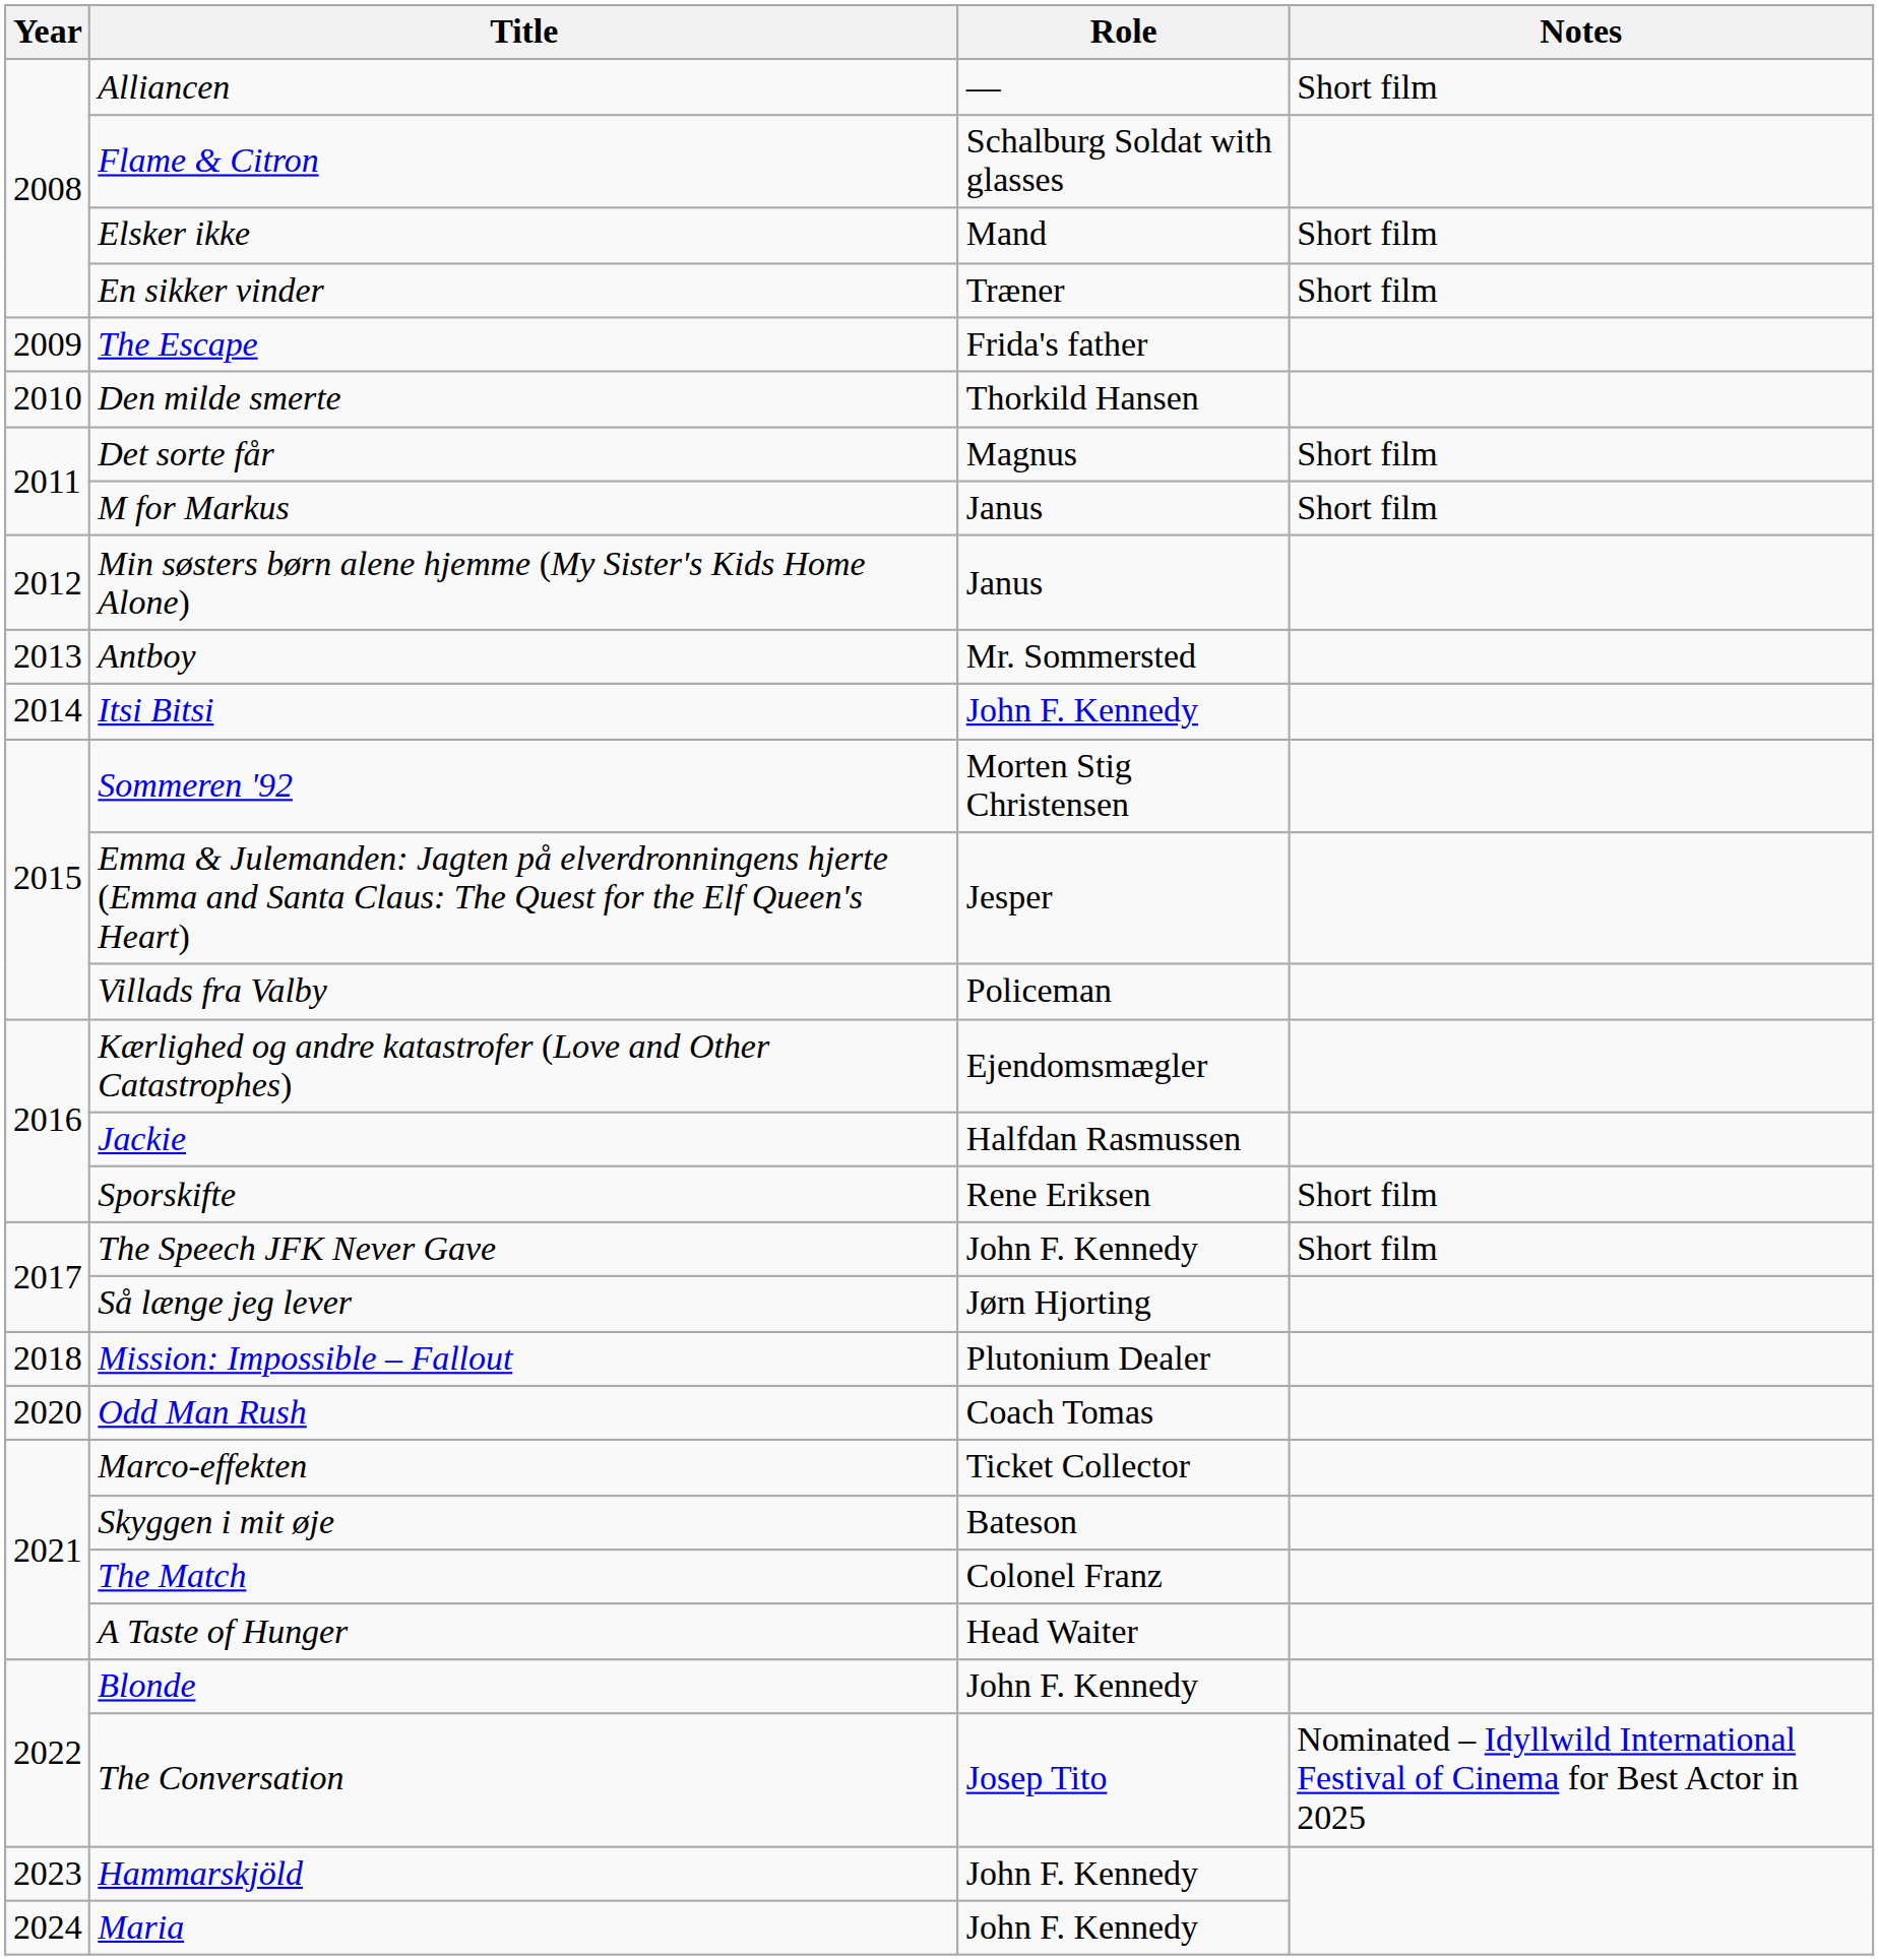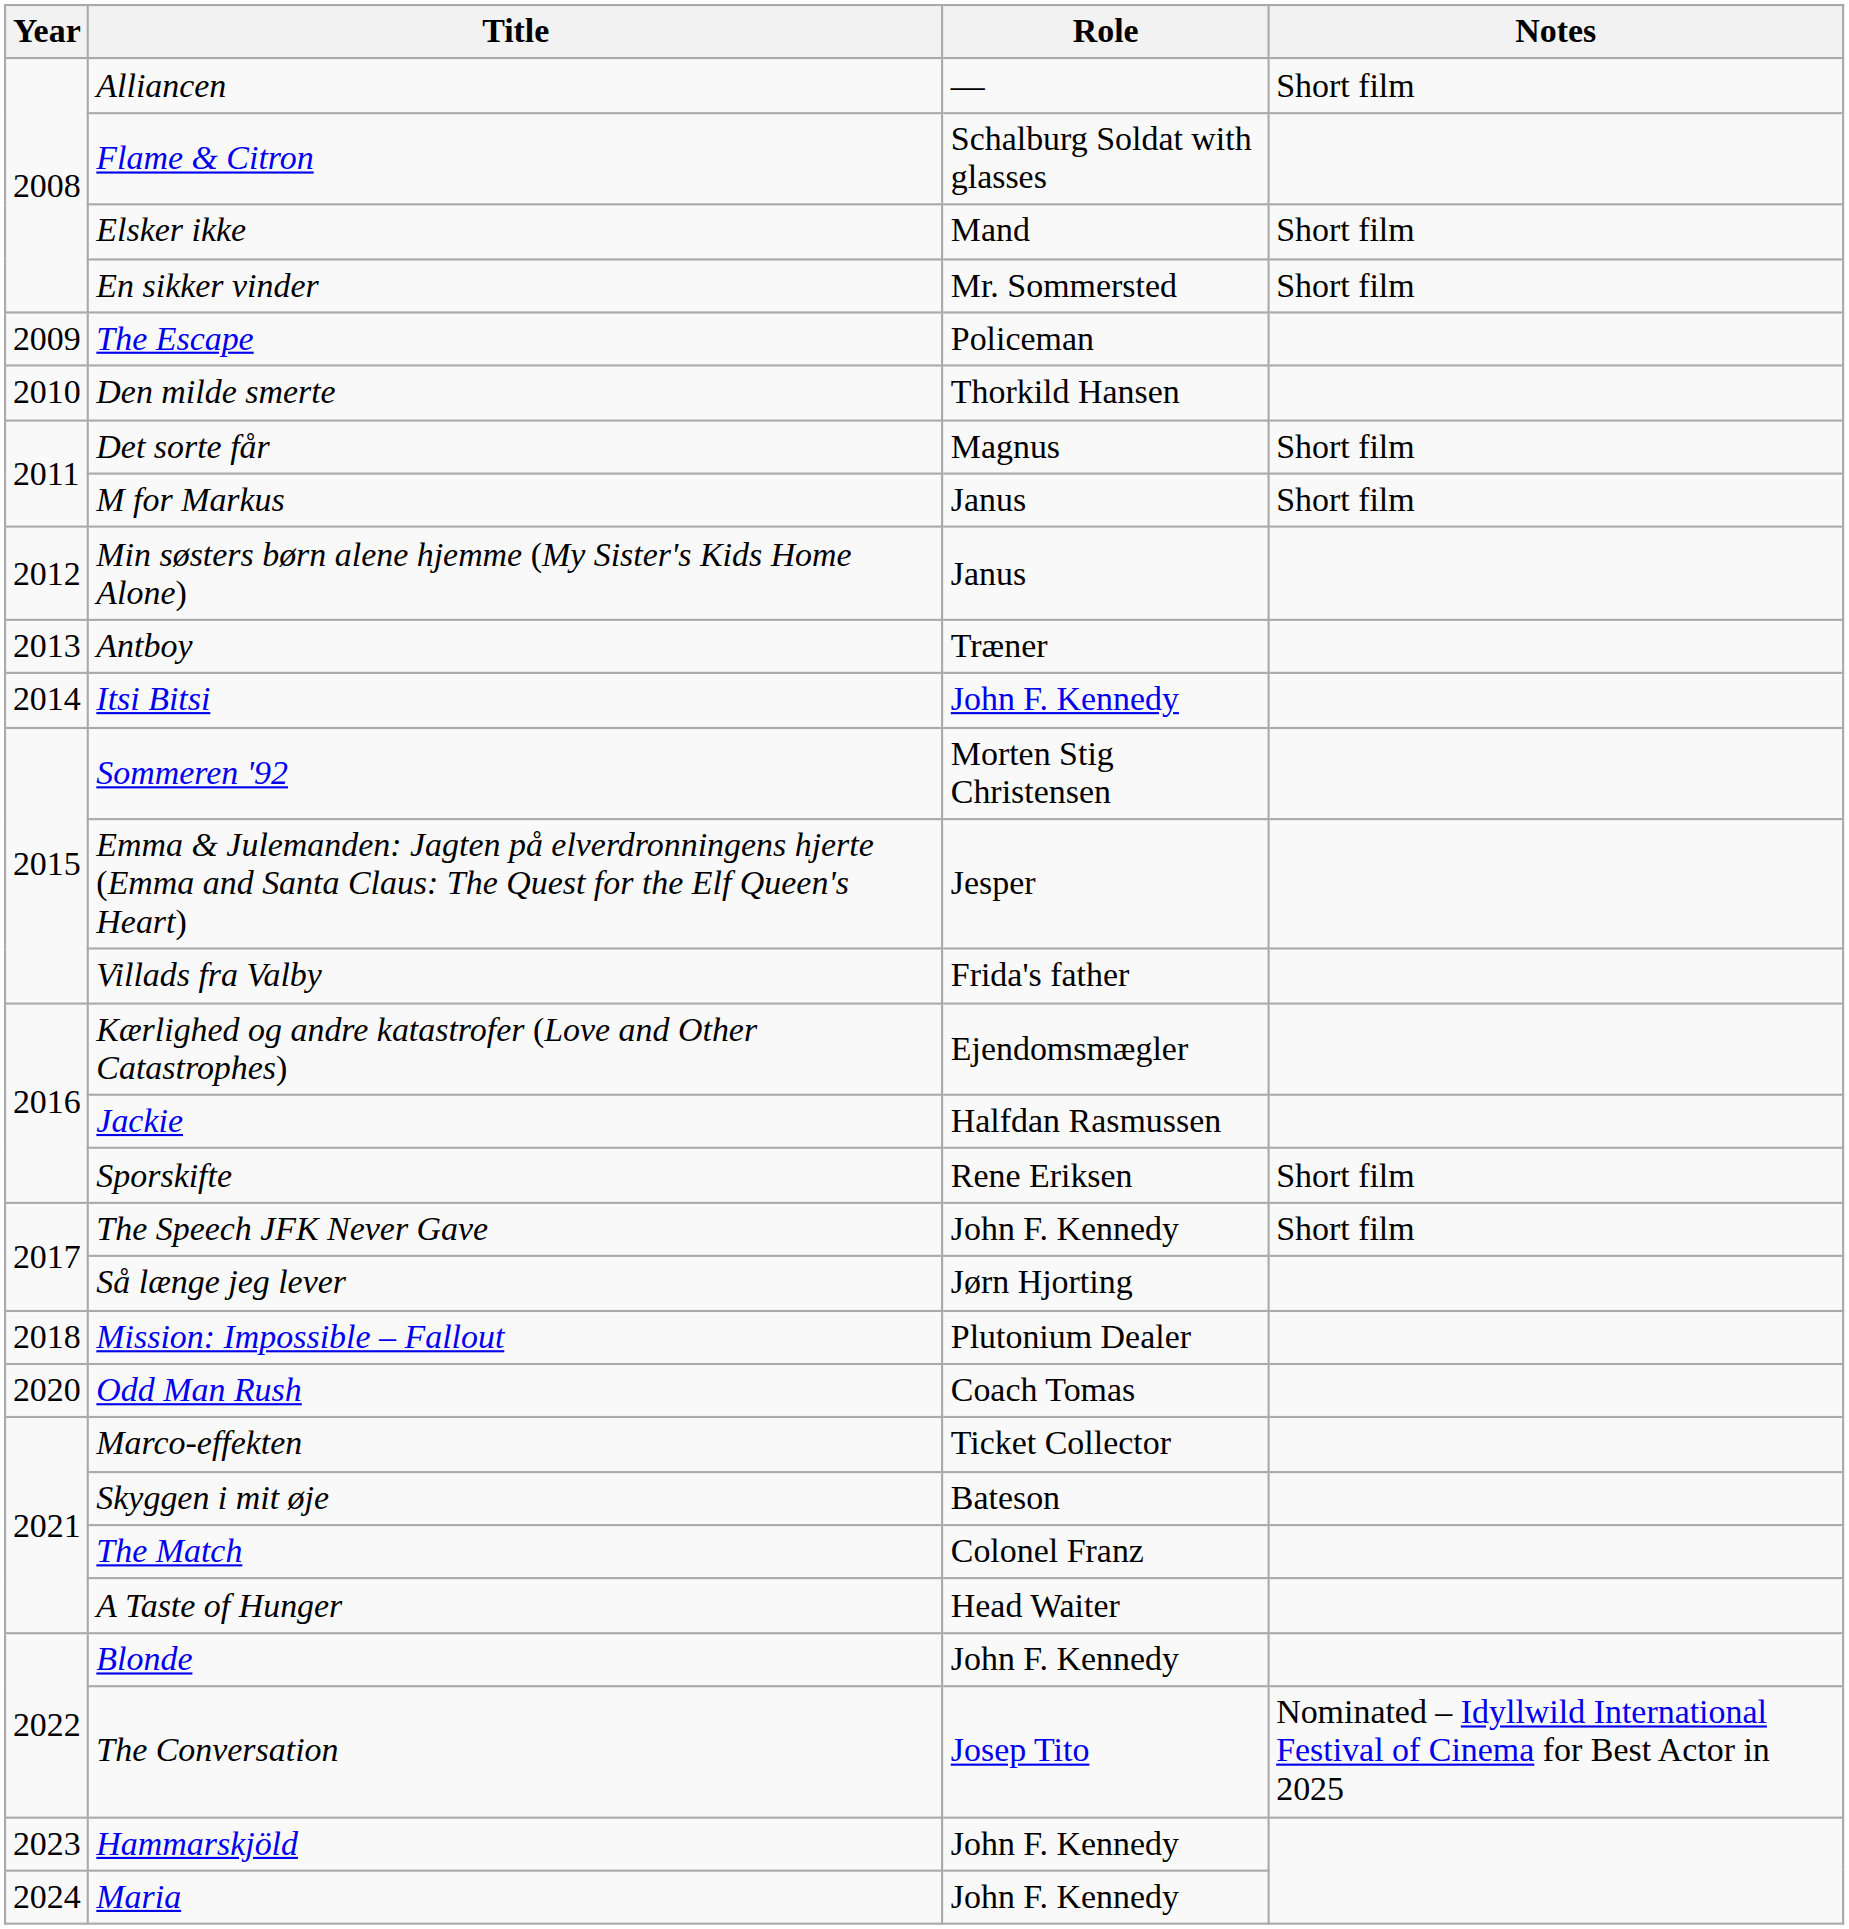 <table class="wikitable sortable">
 <tr>
 <th>Year</th>
 <th>Title</th>
 <th>Role</th>
 <th class="unsortable">Notes</th>
 </tr>
 <tr>
 <td rowspan="4">2008</td>
 <td><em>Alliancen</em></td>
 <td>—</td>
 <td>Short film</td>
 </tr>
 <tr>
 <td><em><a href='#'>Flame & Citron</a></em></td>
 <td>Schalburg Soldat with glasses</td>
 <td></td>
 </tr>
 <tr>
 <td><em>Elsker ikke</em></td>
 <td>Mand</td>
 <td>Short film</td>
 </tr>
 <tr>
 <td><em>En sikker vinder</em></td>
-<td>Træner</td>
+<td>Mr. Sommersted</td>
 <td>Short film</td>
 </tr>
 <tr>
 <td>2009</td>
 <td><em><a href='#'>The Escape</a></em></td>
-<td>Frida's father</td>
+<td>Policeman</td>
 <td></td>
 </tr>
 <tr>
 <td>2010</td>
 <td><em>Den milde smerte</em></td>
 <td>Thorkild Hansen</td>
 <td></td>
 </tr>
 <tr>
 <td rowspan="2">2011</td>
 <td><em>Det sorte får</em></td>
 <td>Magnus</td>
 <td>Short film</td>
 </tr>
 <tr>
 <td><em>M for Markus</em></td>
 <td>Janus</td>
 <td>Short film</td>
 </tr>
 <tr>
 <td>2012</td>
 <td><em>Min søsters børn alene hjemme</em> (<em>My Sister's Kids Home Alone</em>)</td>
 <td>Janus</td>
 <td></td>
 </tr>
 <tr>
 <td>2013</td>
 <td><em>Antboy</em></td>
-<td>Mr. Sommersted</td>
+<td>Træner</td>
 <td></td>
 </tr>
 <tr>
 <td>2014</td>
 <td><em><a href='#'>Itsi Bitsi</a></em></td>
 <td><a href='#'>John F. Kennedy</a></td>
 <td></td>
 </tr>
 <tr>
 <td rowspan="3">2015</td>
 <td><em><a href='#'>Sommeren '92</a></em></td>
 <td>Morten Stig Christensen</td>
 <td></td>
 </tr>
 <tr>
 <td><em>Emma & Julemanden: Jagten på elverdronningens hjerte</em> (<em>Emma and Santa Claus: The Quest for the Elf Queen's Heart</em>)</td>
 <td>Jesper</td>
 <td></td>
 </tr>
 <tr>
 <td><em>Villads fra Valby</em></td>
-<td>Policeman</td>
+<td>Frida's father</td>
 <td></td>
 </tr>
 <tr>
 <td rowspan="3">2016</td>
 <td><em>Kærlighed og andre katastrofer</em> (<em>Love and Other Catastrophes</em>)</td>
 <td>Ejendomsmægler</td>
 <td></td>
 </tr>
 <tr>
 <td><em><a href='#'>Jackie</a></em></td>
 <td>Halfdan Rasmussen</td>
 <td></td>
 </tr>
 <tr>
 <td><em>Sporskifte</em></td>
 <td>Rene Eriksen</td>
 <td>Short film</td>
 </tr>
 <tr>
 <td rowspan="2">2017</td>
 <td><em>The Speech JFK Never Gave</em></td>
 <td>John F. Kennedy</td>
 <td>Short film</td>
 </tr>
 <tr>
 <td><em>Så længe jeg lever </em></td>
 <td>Jørn Hjorting</td>
 <td></td>
 </tr>
 <tr>
 <td>2018</td>
 <td><em><a href='#'>Mission: Impossible – Fallout</a></em></td>
 <td>Plutonium Dealer</td>
 <td></td>
 </tr>
 <tr>
 <td>2020</td>
 <td><em><a href='#'>Odd Man Rush</a></em></td>
 <td>Coach Tomas</td>
 <td></td>
 </tr>
 <tr>
 <td rowspan="4">2021</td>
 <td><em>Marco-effekten</em></td>
 <td>Ticket Collector</td>
 <td></td>
 </tr>
 <tr>
 <td><em>Skyggen i mit øje</em></td>
 <td>Bateson</td>
 <td></td>
 </tr>
 <tr>
 <td><em><a href='#'>The Match</a></em></td>
 <td>Colonel Franz</td>
 <td></td>
 </tr>
 <tr>
 <td><em>A Taste of Hunger</em></td>
 <td>Head Waiter</td>
 <td></td>
 </tr>
 <tr>
 <td rowspan="2">2022</td>
 <td><em><a href='#'>Blonde</a></em></td>
 <td>John F. Kennedy</td>
 <td></td>
 </tr>
 <tr>
 <td><em>The Conversation</em></td>
 <td><a href='#'>Josep Tito</a></td>
 <td>Nominated – <a href='#'>Idyllwild International Festival of Cinema</a> for Best Actor in 2025</td>
 </tr>
 <tr>
 <td>2023</td>
 <td><em><a href='#'>Hammarskjöld</a></em></td>
 <td>John F. Kennedy</td>
 </tr>
 <tr>
 <td>2024</td>
 <td><em><a href='#'>Maria</a></em></td>
 <td>John F. Kennedy</td>
 </tr>
 </table>
